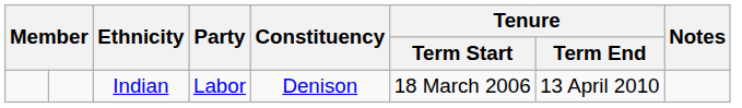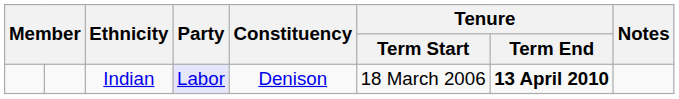 <table class="wikitable sortable plainrowheaders" style="text-align: center;">
 <tr>
 <th colspan="2" rowspan="2" class="unsortable">Member</th>
 <th rowspan="2">Ethnicity</th>
 <th rowspan="2">Party</th>
 <th rowspan="2">Constituency</th>
 <th colspan="2">Tenure</th>
 <th rowspan="2">Notes</th>
 </tr>
 <tr>
 <th>Term Start</th>
 <th>Term End</th>
 </tr>
 <tr>
 <td></td>
 <td><strong></strong><br></td>
 <td><a href='#'>Indian</a></td>
-<td><a href='#'>Labor</a></td>
+<td style="background: lavender;"><a href='#'>Labor</a></td>
 <td><a href='#'>Denison</a></td>
 <td>18 March 2006</td>
-<td>13 April 2010</td>
+<td><strong>13 April 2010</strong></td>
 <td></td>
 </tr>
 </table>
